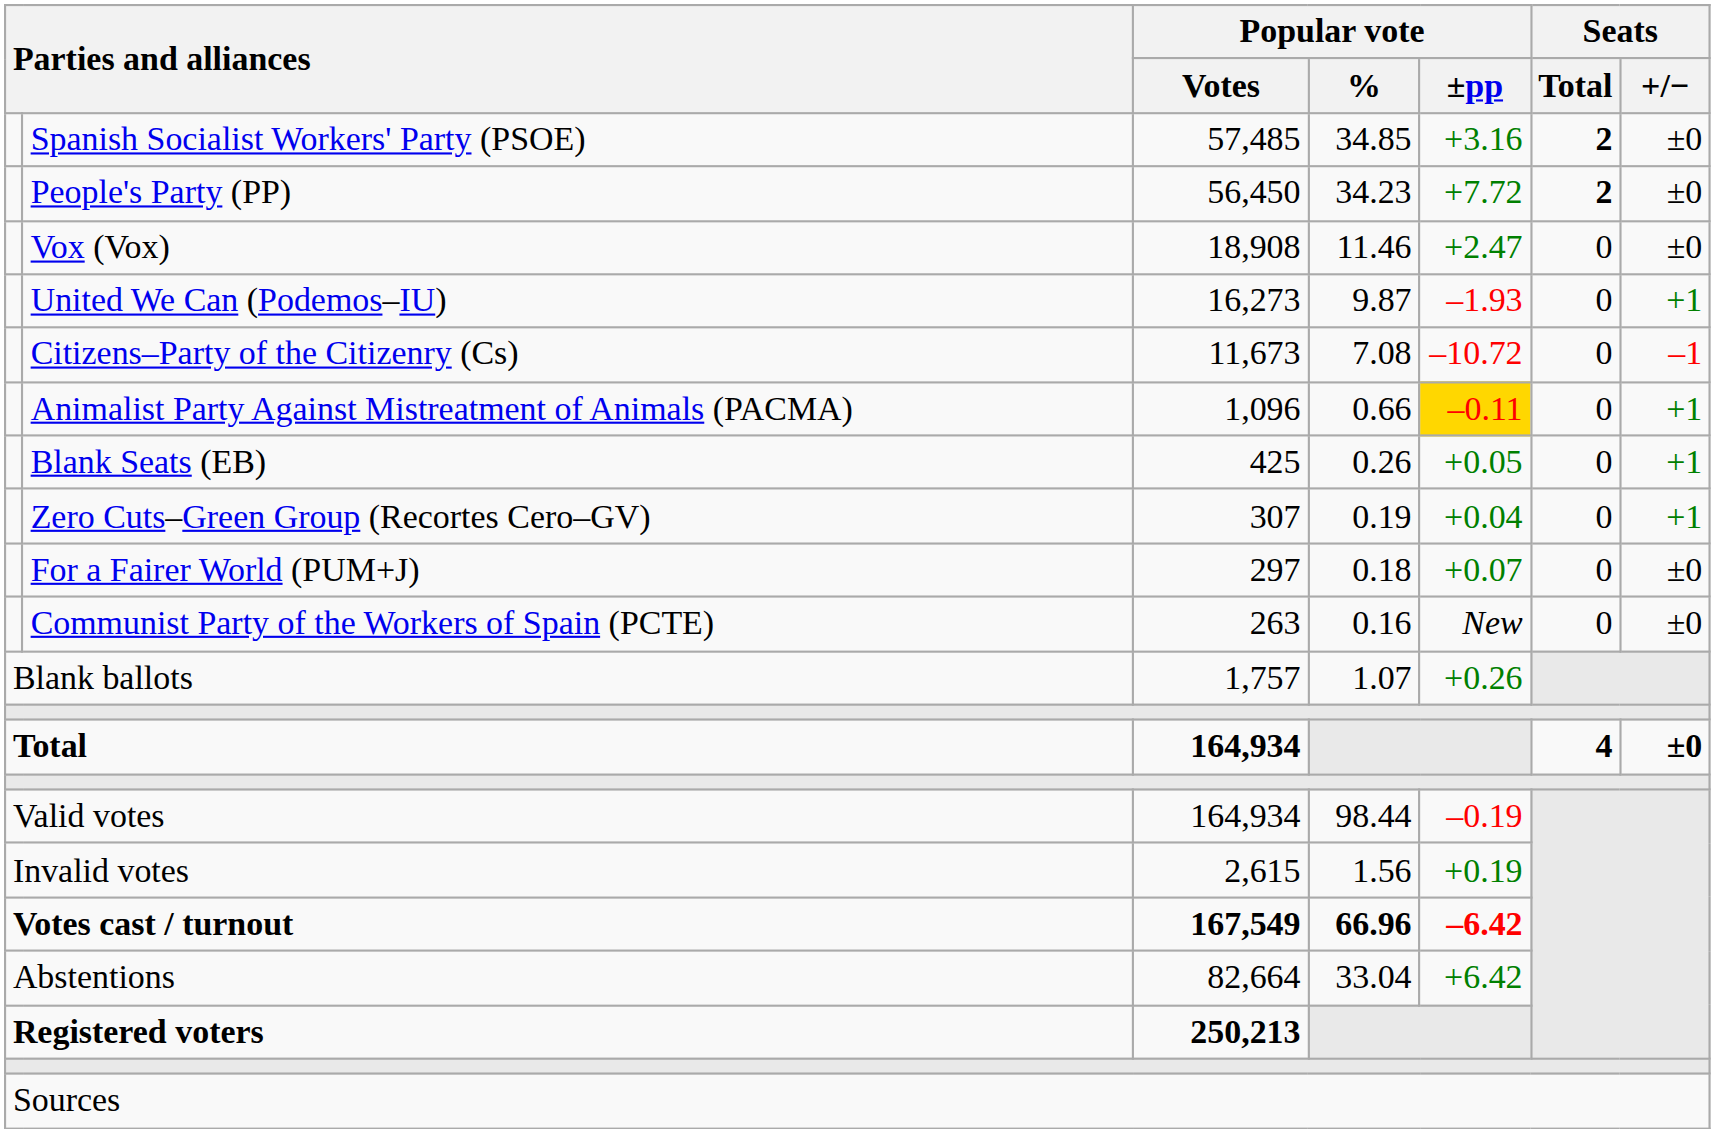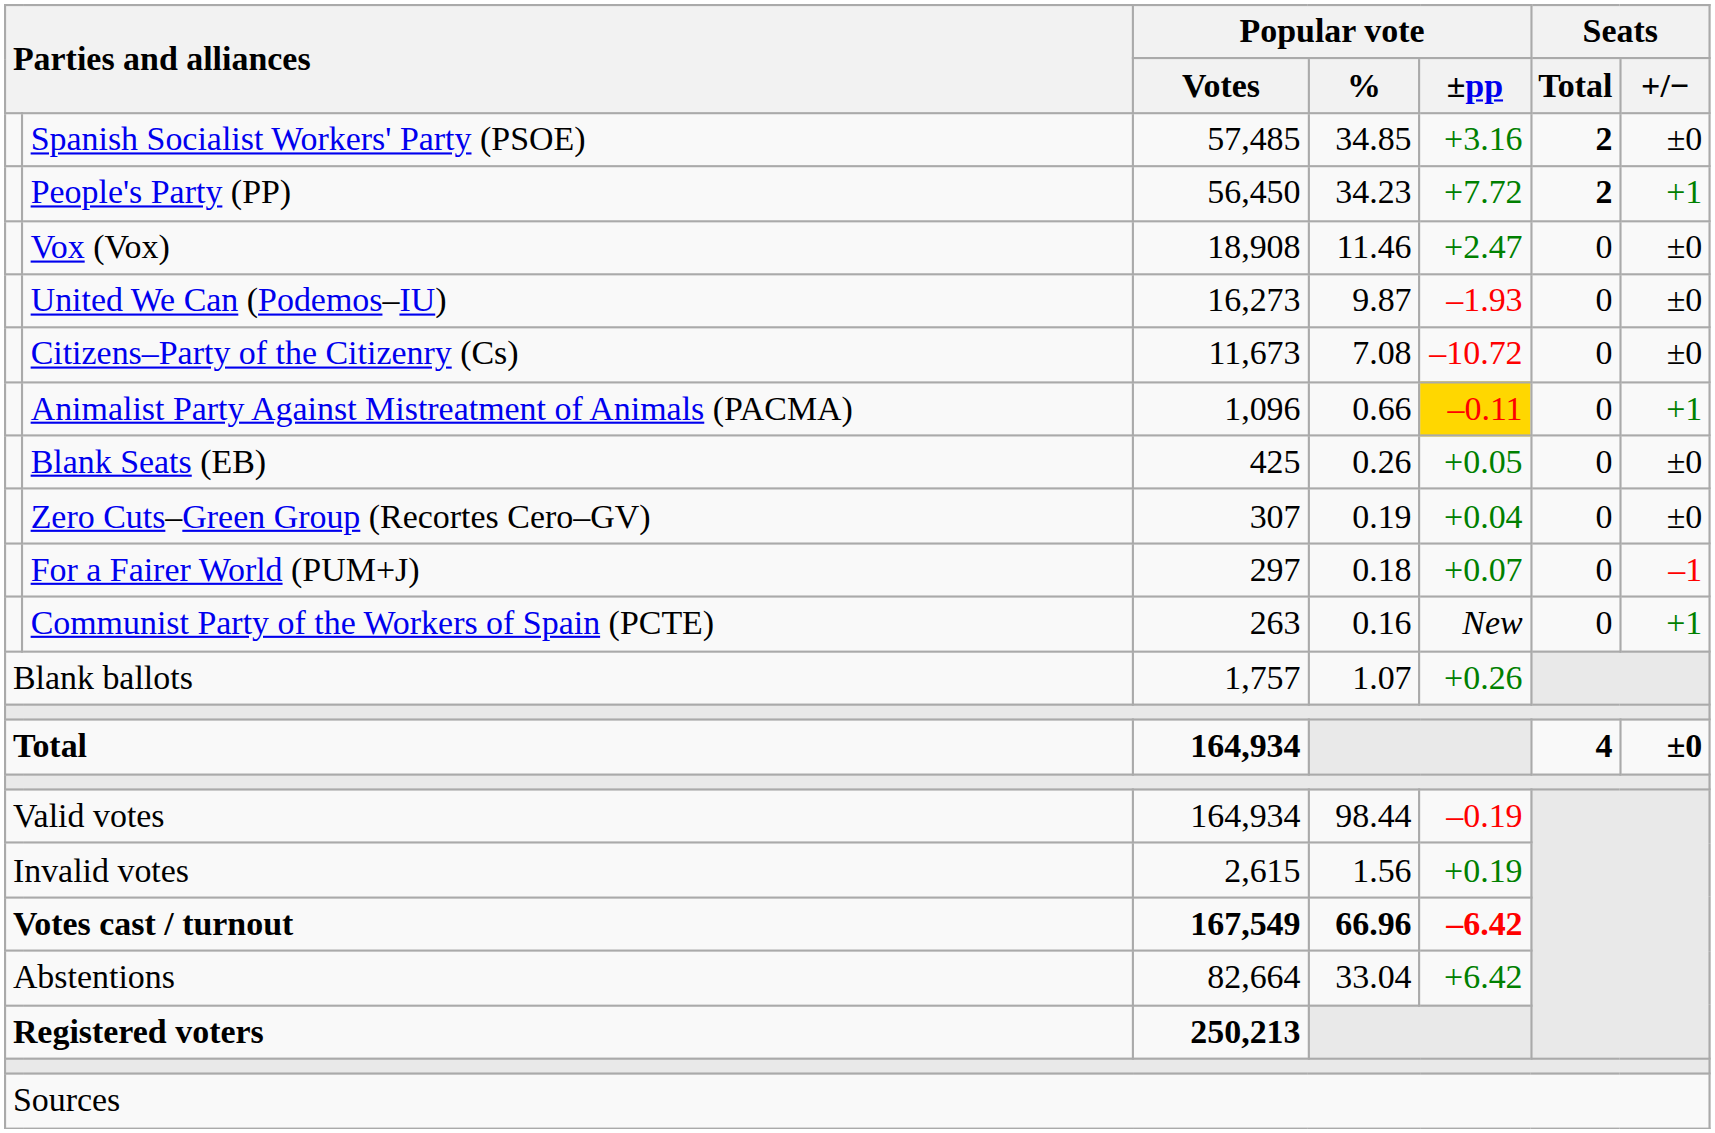 <table class="wikitable" style="text-align:right;">
 <tr>
 <th style="text-align:left;" rowspan="2" colspan="2" width="525">Parties and alliances</th>
 <th colspan="3">Popular vote</th>
 <th colspan="2">Seats</th>
 </tr>
 <tr>
 <th width="75">Votes</th>
 <th width="45">%</th>
 <th width="45">±<a href='#'>pp</a></th>
 <th width="35">Total</th>
 <th width="35">+/−</th>
 </tr>
 <tr>
 <td width="1" style="color:inherit;background:"></td>
 <td align="left"><a href='#'>Spanish Socialist Workers' Party</a> (PSOE)</td>
 <td>57,485</td>
 <td>34.85</td>
 <td style="color:green;">+3.16</td>
 <td><strong>2</strong></td>
 <td>±0</td>
 </tr>
 <tr>
 <td style="color:inherit;background:"></td>
 <td align="left"><a href='#'>People's Party</a> (PP)</td>
 <td>56,450</td>
 <td>34.23</td>
 <td style="color:green;">+7.72</td>
 <td><strong>2</strong></td>
-<td>±0</td>
+<td style="color:green;">+1</td>
 </tr>
 <tr>
 <td style="color:inherit;background:"></td>
 <td align="left"><a href='#'>Vox</a> (Vox)</td>
 <td>18,908</td>
 <td>11.46</td>
 <td style="color:green;">+2.47</td>
 <td>0</td>
 <td>±0</td>
 </tr>
 <tr>
 <td style="color:inherit;background:"></td>
 <td align="left"><a href='#'>United We Can</a> (<a href='#'>Podemos</a>–<a href='#'>IU</a>)</td>
 <td>16,273</td>
 <td>9.87</td>
 <td style="color:red;">–1.93</td>
 <td>0</td>
-<td style="color:green;">+1</td>
+<td>±0</td>
 </tr>
 <tr>
 <td style="color:inherit;background:"></td>
 <td align="left"><a href='#'>Citizens–Party of the Citizenry</a> (Cs)</td>
 <td>11,673</td>
 <td>7.08</td>
 <td style="color:red;">–10.72</td>
 <td>0</td>
-<td style="color:red;">–1</td>
+<td>±0</td>
 </tr>
 <tr>
 <td style="color:inherit;background:"></td>
 <td align="left"><a href='#'>Animalist Party Against Mistreatment of Animals</a> (PACMA)</td>
 <td>1,096</td>
 <td>0.66</td>
 <td style="background: gold; color:red;">–0.11</td>
 <td>0</td>
 <td style="color:green;">+1</td>
 </tr>
 <tr>
 <td style="color:inherit;background:"></td>
 <td align="left"><a href='#'>Blank Seats</a> (EB)</td>
 <td>425</td>
 <td>0.26</td>
 <td style="color:green;">+0.05</td>
 <td>0</td>
-<td style="color:green;">+1</td>
+<td>±0</td>
 </tr>
 <tr>
 <td style="color:inherit;background:"></td>
 <td align="left"><a href='#'>Zero Cuts</a>–<a href='#'>Green Group</a> (Recortes Cero–GV)</td>
 <td>307</td>
 <td>0.19</td>
 <td style="color:green;">+0.04</td>
 <td>0</td>
-<td style="color:green;">+1</td>
+<td>±0</td>
 </tr>
 <tr>
 <td style="color:inherit;background:"></td>
 <td align="left"><a href='#'>For a Fairer World</a> (PUM+J)</td>
 <td>297</td>
 <td>0.18</td>
 <td style="color:green;">+0.07</td>
 <td>0</td>
-<td>±0</td>
+<td style="color:red;">–1</td>
 </tr>
 <tr>
 <td style="color:inherit;background:"></td>
 <td align="left"><a href='#'>Communist Party of the Workers of Spain</a> (PCTE)</td>
 <td>263</td>
 <td>0.16</td>
 <td><em>New</em></td>
 <td>0</td>
-<td>±0</td>
+<td style="color:green;">+1</td>
 </tr>
 <tr>
 <td align="left" colspan="2">Blank ballots</td>
 <td>1,757</td>
 <td>1.07</td>
 <td style="color:green;">+0.26</td>
 <td bgcolor="#E9E9E9" colspan="2"></td>
 </tr>
 <tr>
 <td colspan="7" bgcolor="#E9E9E9"></td>
 </tr>
 <tr style="font-weight:bold;">
 <td align="left" colspan="2">Total</td>
 <td>164,934</td>
 <td bgcolor="#E9E9E9" colspan="2"></td>
 <td>4</td>
 <td>±0</td>
 </tr>
 <tr>
 <td colspan="7" bgcolor="#E9E9E9"></td>
 </tr>
 <tr>
 <td align="left" colspan="2">Valid votes</td>
 <td>164,934</td>
 <td>98.44</td>
 <td style="color:red;">–0.19</td>
 <td bgcolor="#E9E9E9" colspan="2" rowspan="5"></td>
 </tr>
 <tr>
 <td align="left" colspan="2">Invalid votes</td>
 <td>2,615</td>
 <td>1.56</td>
 <td style="color:green;">+0.19</td>
 </tr>
 <tr style="font-weight:bold;">
 <td align="left" colspan="2">Votes cast / turnout</td>
 <td>167,549</td>
 <td>66.96</td>
 <td style="color:red;">–6.42</td>
 </tr>
 <tr>
 <td align="left" colspan="2">Abstentions</td>
 <td>82,664</td>
 <td>33.04</td>
 <td style="color:green;">+6.42</td>
 </tr>
 <tr style="font-weight:bold;">
 <td align="left" colspan="2">Registered voters</td>
 <td>250,213</td>
 <td bgcolor="#E9E9E9" colspan="2"></td>
 </tr>
 <tr>
 <td colspan="7" bgcolor="#E9E9E9"></td>
 </tr>
 <tr>
 <td align="left" colspan="7">Sources</td>
 </tr>
 </table>
